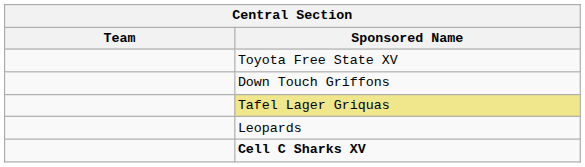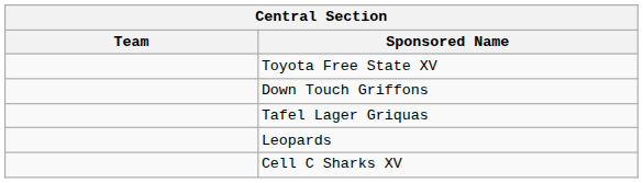 <table class="wikitable collapsible sortable" style="text-align:left; font-size:90%; width:40%;">
 <tr>
 <th colspan="100%" align=center>Central Section</th>
 </tr>
 <tr>
 <th width="40%">Team</th>
 <th width="60%">Sponsored Name</th>
 </tr>
 <tr>
 <td></td>
 <td>Toyota Free State XV</td>
 </tr>
 <tr>
 <td></td>
 <td>Down Touch Griffons</td>
 </tr>
 <tr>
 <td></td>
-<td style="background: khaki;">Tafel Lager Griquas</td>
+<td>Tafel Lager Griquas</td>
 </tr>
 <tr>
 <td></td>
 <td>Leopards</td>
 </tr>
 <tr>
 <td></td>
-<td><strong>Cell C Sharks XV</strong></td>
+<td>Cell C Sharks XV</td>
 </tr>
 </table>
